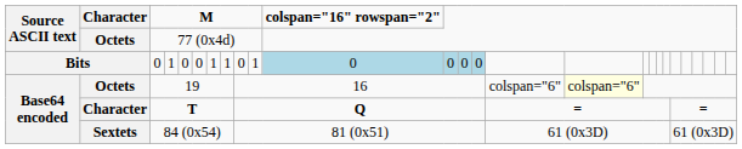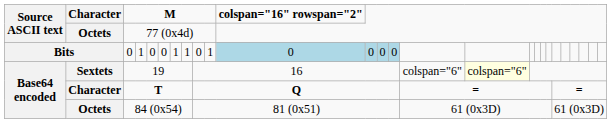 <table class="wikitable" style="text-align:center;">
 <tr style="font-weight:bold;">
 <th rowspan=2 scope="row">Source <br>ASCII text</th>
 <th scope="row">Character</th>
 <td colspan="8">M</td>
 <td>colspan="16" rowspan="2"   </td>
 </tr>
 <tr>
 <th scope="row">Octets</th>
 <td colspan="8">77 (0x4d)</td>
 </tr>
 <tr>
 <th colspan=2 scope="row">Bits</th>
 <td>0</td>
 <td>1</td>
 <td>0</td>
 <td>0</td>
 <td>1</td>
 <td>1</td>
 <td>0</td>
 <td>1</td>
 <td style="background-color:lightblue;">0</td>
 <td style="background-color:lightblue;">0</td>
 <td style="background-color:lightblue;">0</td>
 <td style="background-color:lightblue;">0</td>
 <td></td>
 <td></td>
 <td></td>
 <td></td>
 <td></td>
 <td></td>
 <td></td>
 <td></td>
 <td></td>
 <td></td>
 <td></td>
 <td></td>
 </tr>
 <tr>
 <th rowspan=3 scope="row">Base64 <br>encoded</th>
-<th scope="row">Octets</th>
+<th scope="row">Sextets</th>
 <td colspan="6">19</td>
 <td colspan="6">16</td>
 <td>colspan="6"   </td>
 <td style="background: lightyellow;">colspan="6"   </td>
 </tr>
 <tr style="font-weight:bold;">
 <th scope="row">Character</th>
 <td colspan="6">T</td>
 <td colspan="6">Q</td>
 <td colspan="6">=</td>
 <td colspan="6">=</td>
 </tr>
 <tr>
-<th scope="row">Sextets</th>
+<th scope="row">Octets</th>
 <td colspan="6">84 (0x54)</td>
 <td colspan="6">81 (0x51)</td>
 <td colspan="6">61 (0x3D)</td>
 <td colspan="6">61 (0x3D)</td>
 </tr>
 </table>
